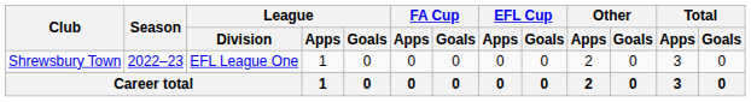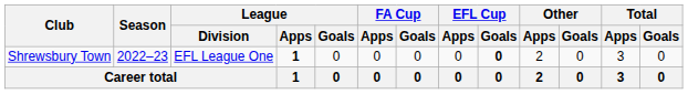 <table class="wikitable" style="text-align:center;">
 <tr>
 <th rowspan="2">Club</th>
 <th rowspan="2">Season</th>
 <th colspan="3">League</th>
 <th colspan="2"><a href='#'>FA Cup</a></th>
 <th colspan="2"><a href='#'>EFL Cup</a></th>
 <th colspan="2">Other</th>
 <th colspan="2">Total</th>
 </tr>
 <tr>
 <th>Division</th>
 <th>Apps</th>
 <th>Goals</th>
 <th>Apps</th>
 <th>Goals</th>
 <th>Apps</th>
 <th>Goals</th>
 <th>Apps</th>
 <th>Goals</th>
 <th>Apps</th>
 <th>Goals</th>
 </tr>
 <tr>
 <td><a href='#'>Shrewsbury Town</a></td>
 <td><a href='#'>2022–23</a></td>
 <td><a href='#'>EFL League One</a></td>
-<td>1</td>
+<td><strong>1</strong></td>
 <td>0</td>
 <td>0</td>
 <td>0</td>
 <td>0</td>
-<td>0</td>
+<td><strong>0</strong></td>
 <td>2</td>
 <td>0</td>
 <td>3</td>
 <td>0</td>
 </tr>
 <tr>
 <th colspan="3">Career total</th>
 <th>1</th>
 <th>0</th>
 <th>0</th>
 <th>0</th>
 <th>0</th>
 <th>0</th>
 <th>2</th>
 <th>0</th>
 <th>3</th>
 <th>0</th>
 </tr>
 </table>
